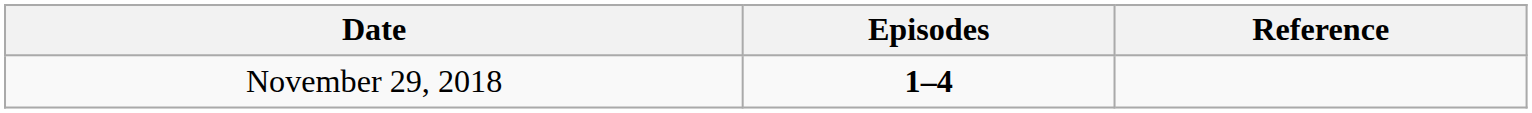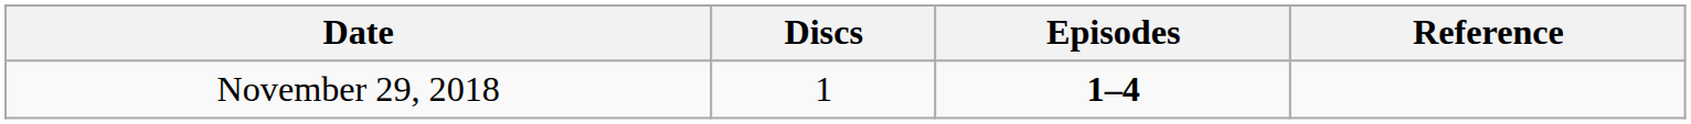 <table class="wikitable" style="text-align: center; width: 60%;">
 <tr>
 <th scope="col" 125px;>Date</th>
+<th scope="col">Discs</th>
 <th scope="col">Episodes</th>
 <th scope="col">Reference</th>
 </tr>
 <tr>
 <td>November 29, 2018</td>
+<td>1</td>
 <td><strong>1–4</strong></td>
 <td></td>
 </tr>
 </table>
